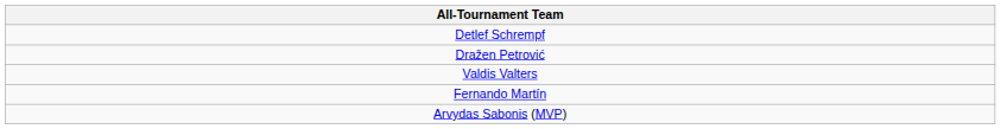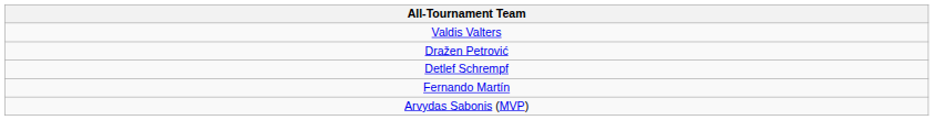 <table class="wikitable sortable" style="text-align:center; width: 100%">
 <tr>
 <th>All-Tournament Team</th>
 </tr>
 <tr>
-<td> <a href='#'>Detlef Schrempf</a></td>
+<td> <a href='#'>Valdis Valters</a></td>
 </tr>
 <tr>
 <td> <a href='#'>Dražen Petrović</a></td>
 </tr>
 <tr>
-<td> <a href='#'>Valdis Valters</a></td>
+<td> <a href='#'>Detlef Schrempf</a></td>
 </tr>
 <tr>
 <td> <a href='#'>Fernando Martín</a></td>
 </tr>
 <tr>
 <td> <a href='#'>Arvydas Sabonis</a> (<a href='#'>MVP</a>)</td>
 </tr>
 </table>
